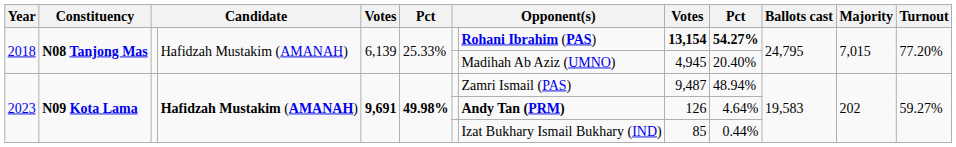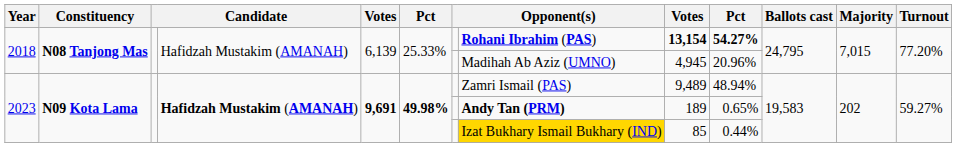 <table class="wikitable" style="margin:0.5em ; font-size:95%">
 <tr>
 <th>Year</th>
 <th>Constituency</th>
 <th colspan=2>Candidate</th>
 <th>Votes</th>
 <th>Pct</th>
 <th colspan=2>Opponent(s)</th>
 <th>Votes</th>
 <th>Pct</th>
 <th>Ballots cast</th>
 <th>Majority</th>
 <th>Turnout</th>
 </tr>
 <tr>
 <td rowspan=2><a href='#'>2018</a></td>
 <td rowspan=2><strong>N08 <a href='#'>Tanjong Mas</a></strong></td>
 <td rowspan=2 ></td>
 <td rowspan=2>Hafidzah Mustakim (<a href='#'>AMANAH</a>)</td>
 <td rowspan=2 align="right">6,139</td>
 <td rowspan=2>25.33%</td>
 <td></td>
 <td><strong><a href='#'>Rohani Ibrahim</a></strong> (<a href='#'><strong>PAS</strong></a>)</td>
 <td align="right"><strong>13,154</strong></td>
 <td><strong>54.27%</strong></td>
 <td rowspan=2>24,795</td>
 <td rowspan=2>7,015</td>
 <td rowspan=2>77.20%</td>
 </tr>
 <tr>
 <td></td>
 <td>Madihah Ab Aziz (<a href='#'>UMNO</a>)</td>
 <td align="right">4,945</td>
-<td>20.40%</td>
+<td>20.96%</td>
 </tr>
 <tr>
 <td rowspan=3><a href='#'>2023</a></td>
 <td rowspan=3><strong>N09 <a href='#'>Kota Lama</a></strong></td>
 <td rowspan=3 ></td>
 <td rowspan=3><strong>Hafidzah Mustakim</strong> (<a href='#'><strong>AMANAH</strong></a>)</td>
 <td rowspan=3 align="right"><strong>9,691</strong></td>
 <td rowspan=3><strong>49.98%</strong></td>
 <td></td>
 <td>Zamri Ismail (<a href='#'>PAS</a>)</td>
-<td align="right">9,487</td>
+<td align="right">9,489</td>
 <td>48.94%</td>
 <td rowspan=3>19,583</td>
 <td rowspan=3>202</td>
 <td rowspan=3>59.27%</td>
 </tr>
 <tr>
 <td bgcolor=></td>
 <td><strong>Andy Tan (<a href='#'>PRM</a>)</strong></td>
-<td align="right">126</td>
-<td align="right">4.64%</td>
+<td align="right">189</td>
+<td align="right">0.65%</td>
 </tr>
 <tr>
 <td></td>
-<td>Izat Bukhary Ismail Bukhary (<a href='#'>IND</a>)</td>
+<td style="background: gold;">Izat Bukhary Ismail Bukhary (<a href='#'>IND</a>)</td>
 <td align="right">85</td>
 <td align="right">0.44%</td>
 </tr>
 </table>
